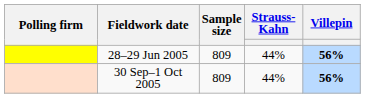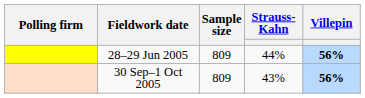 <table class="wikitable sortable" style="text-align:center;font-size:90%;line-height:14px;">
 <tr style="height:40px;">
 <th style="width:100px;" rowspan="2">Polling firm</th>
 <th style="width:110px;" rowspan="2">Fieldwork date</th>
 <th style="width:35px;" rowspan="2">Sample<br>size</th>
 <th class="unsortable" style="width:60px;"><a href='#'>Strauss-Kahn</a><br></th>
 <th class="unsortable" style="width:60px;"><a href='#'>Villepin</a><br></th>
 </tr>
 <tr>
 <th style="background:"></th>
 <th style="background:"></th>
 </tr>
 <tr>
 <td style="background:yellow;"></td>
 <td data-sort-value="2005-06-29">28–29 Jun 2005</td>
 <td>809</td>
 <td>44%</td>
 <td style="background:#B9DAFF;"><strong>56%</strong></td>
 </tr>
 <tr>
 <td style="background:#FFDFCC;"></td>
 <td data-sort-value="2005-10-01">30 Sep–1 Oct 2005</td>
 <td>809</td>
-<td>44%</td>
+<td>43%</td>
 <td style="background:#B9DAFF;"><strong>56%</strong></td>
 </tr>
 </table>
